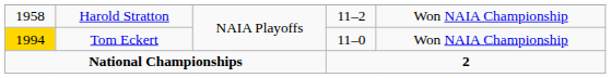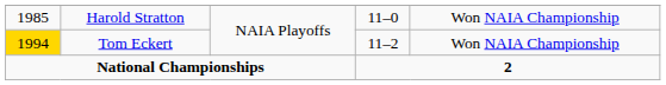 <table class="wikitable" style="width:75%;">
 <tr>
 </tr>
 <tr style="text-align:center;">
-<td>1958</td>
+<td>1985</td>
 <td><a href='#'>Harold Stratton</a></td>
 <td rowspan="2">NAIA Playoffs</td>
-<td>11–2</td>
+<td>11–0</td>
 <td>Won <a href='#'>NAIA Championship</a></td>
 </tr>
 <tr align="center">
 <td style="background: gold;">1994</td>
 <td><a href='#'>Tom Eckert</a></td>
-<td>11–0</td>
+<td>11–2</td>
 <td>Won <a href='#'>NAIA Championship</a></td>
 </tr>
 <tr align="center">
 <td colspan=3><strong>National Championships</strong></td>
 <td colspan=2><strong>2</strong></td>
 </tr>
 </table>
